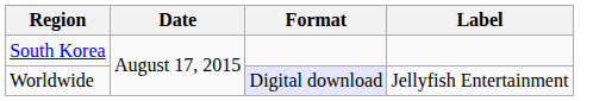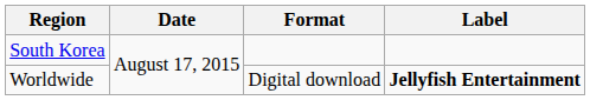 <table class = "wikitable">
 <tr>
 <th>Region</th>
 <th>Date</th>
 <th>Format</th>
 <th>Label</th>
 </tr>
 <tr>
 <td><a href='#'>South Korea</a></td>
 <td rowspan=2>August 17, 2015</td>
 <td></td>
 <td></td>
 </tr>
 <tr>
 <td>Worldwide</td>
-<td style="background: lavender;">Digital download</td>
-<td>Jellyfish Entertainment</td>
+<td>Digital download</td>
+<td><strong>Jellyfish Entertainment</strong></td>
 </tr>
 <tr>
 </tr>
 </table>
